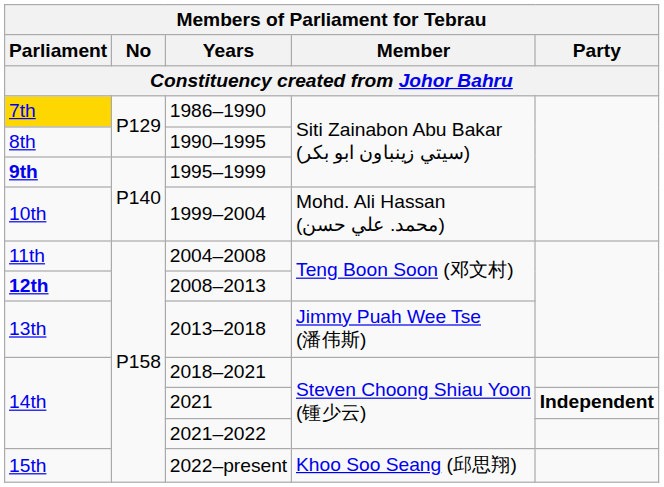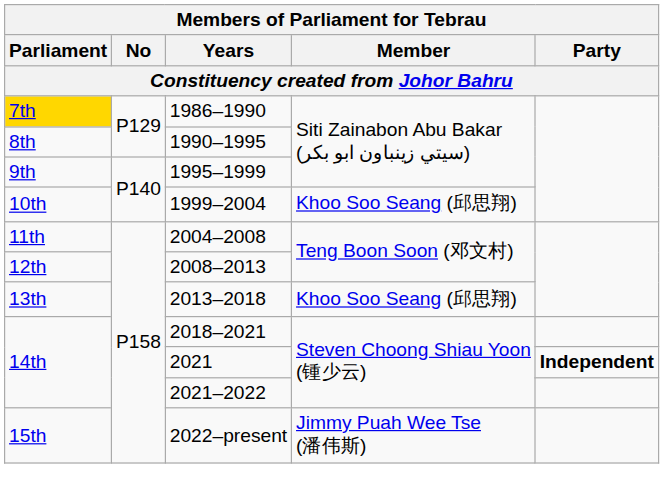 <table class=wikitable>
 <tr>
 <th colspan="5">Members of Parliament for Tebrau</th>
 </tr>
 <tr>
 <th>Parliament</th>
 <th>No</th>
 <th>Years</th>
 <th>Member</th>
 <th>Party</th>
 </tr>
 <tr>
 <th colspan="5" align="center"><em>Constituency created from <a href='#'>Johor Bahru</a></em></th>
 </tr>
 <tr>
 <td style="background: gold;"><a href='#'>7th</a></td>
 <td rowspan="2">P129</td>
 <td>1986–1990</td>
 <td rowspan=3>Siti Zainabon Abu Bakar <br> (سيتي زينباون ابو بكر)</td>
 <td rowspan="4"></td>
 </tr>
 <tr>
 <td><a href='#'>8th</a></td>
 <td>1990–1995</td>
 </tr>
 <tr>
-<td><strong><a href='#'>9th</a></strong></td>
+<td><a href='#'>9th</a></td>
 <td rowspan="2">P140</td>
 <td>1995–1999</td>
 </tr>
 <tr>
 <td><a href='#'>10th</a></td>
 <td>1999–2004</td>
-<td>Mohd. Ali Hassan  <br>(محمد. علي حسن)</td>
+<td><a href='#'>Khoo Soo Seang</a> (邱思翔)</td>
 </tr>
 <tr>
 <td><a href='#'>11th</a></td>
 <td rowspan="7">P158</td>
 <td>2004–2008</td>
 <td rowspan=2><a href='#'>Teng Boon Soon</a> (邓文村)</td>
 <td rowspan="3"></td>
 </tr>
 <tr>
-<td><strong><a href='#'>12th</a></strong></td>
+<td><a href='#'>12th</a></td>
 <td>2008–2013</td>
 </tr>
 <tr>
 <td><a href='#'>13th</a></td>
 <td>2013–2018</td>
-<td><a href='#'>Jimmy Puah Wee Tse</a> <br> (潘伟斯)</td>
+<td><a href='#'>Khoo Soo Seang</a> (邱思翔)</td>
 </tr>
 <tr>
 <td rowspan="3"><a href='#'>14th</a></td>
 <td>2018–2021</td>
 <td rowspan="3"><a href='#'>Steven Choong Shiau Yoon</a> <br> (锺少云)</td>
 <td></td>
 </tr>
 <tr>
 <td>2021</td>
 <td><strong>Independent</strong></td>
 </tr>
 <tr>
 <td>2021–2022</td>
 <td></td>
 </tr>
 <tr>
 <td><a href='#'>15th</a></td>
 <td>2022–present</td>
-<td><a href='#'>Khoo Soo Seang</a> (邱思翔)</td>
+<td><a href='#'>Jimmy Puah Wee Tse</a> <br> (潘伟斯)</td>
 <td></td>
 </tr>
 </table>
